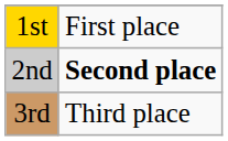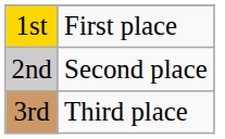 <table class="wikitable">
 <tr>
 </tr>
 <tr>
 <td style="text-align:center; background-color:#FFD700;">1st</td>
 <td>First place</td>
 </tr>
 <tr>
 <td style="text-align:center; background-color:#CCC;">2nd</td>
-<td><strong>Second place</strong></td>
+<td>Second place</td>
 </tr>
 <tr>
 <td style="text-align:center; background-color:#C96;">3rd</td>
 <td>Third place</td>
 </tr>
 </table>
